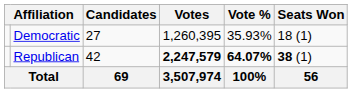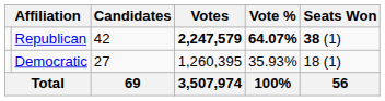 <table class="wikitable">
 <tr>
 <th colspan="2">Affiliation</th>
 <th>Candidates</th>
 <th>Votes</th>
 <th>Vote %</th>
 <th>Seats Won</th>
 </tr>
 <tr>
 <td style="background-color:"></td>
+<td><a href='#'>Republican</a></td>
+<td>42</td>
+<td><strong>2,247,579</strong></td>
+<td><strong>64.07%</strong></td>
+<td><strong>38</strong> (1)</td>
+</tr>
+<tr>
+<td style="background-color:"></td>
 <td><a href='#'>Democratic</a></td>
 <td>27</td>
 <td>1,260,395</td>
 <td>35.93%</td>
 <td>18 (1)</td>
-</tr>
-<tr>
-<td style="background-color:"></td>
-<td><a href='#'>Republican</a></td>
-<td>42</td>
-<td><strong>2,247,579</strong></td>
-<td><strong>64.07%</strong></td>
-<td><strong>38</strong> (1)</td>
 </tr>
 <tr>
 <th colspan="2">Total</th>
 <th>69</th>
 <th>3,507,974</th>
 <th>100%</th>
 <th>56</th>
 </tr>
 </table>
